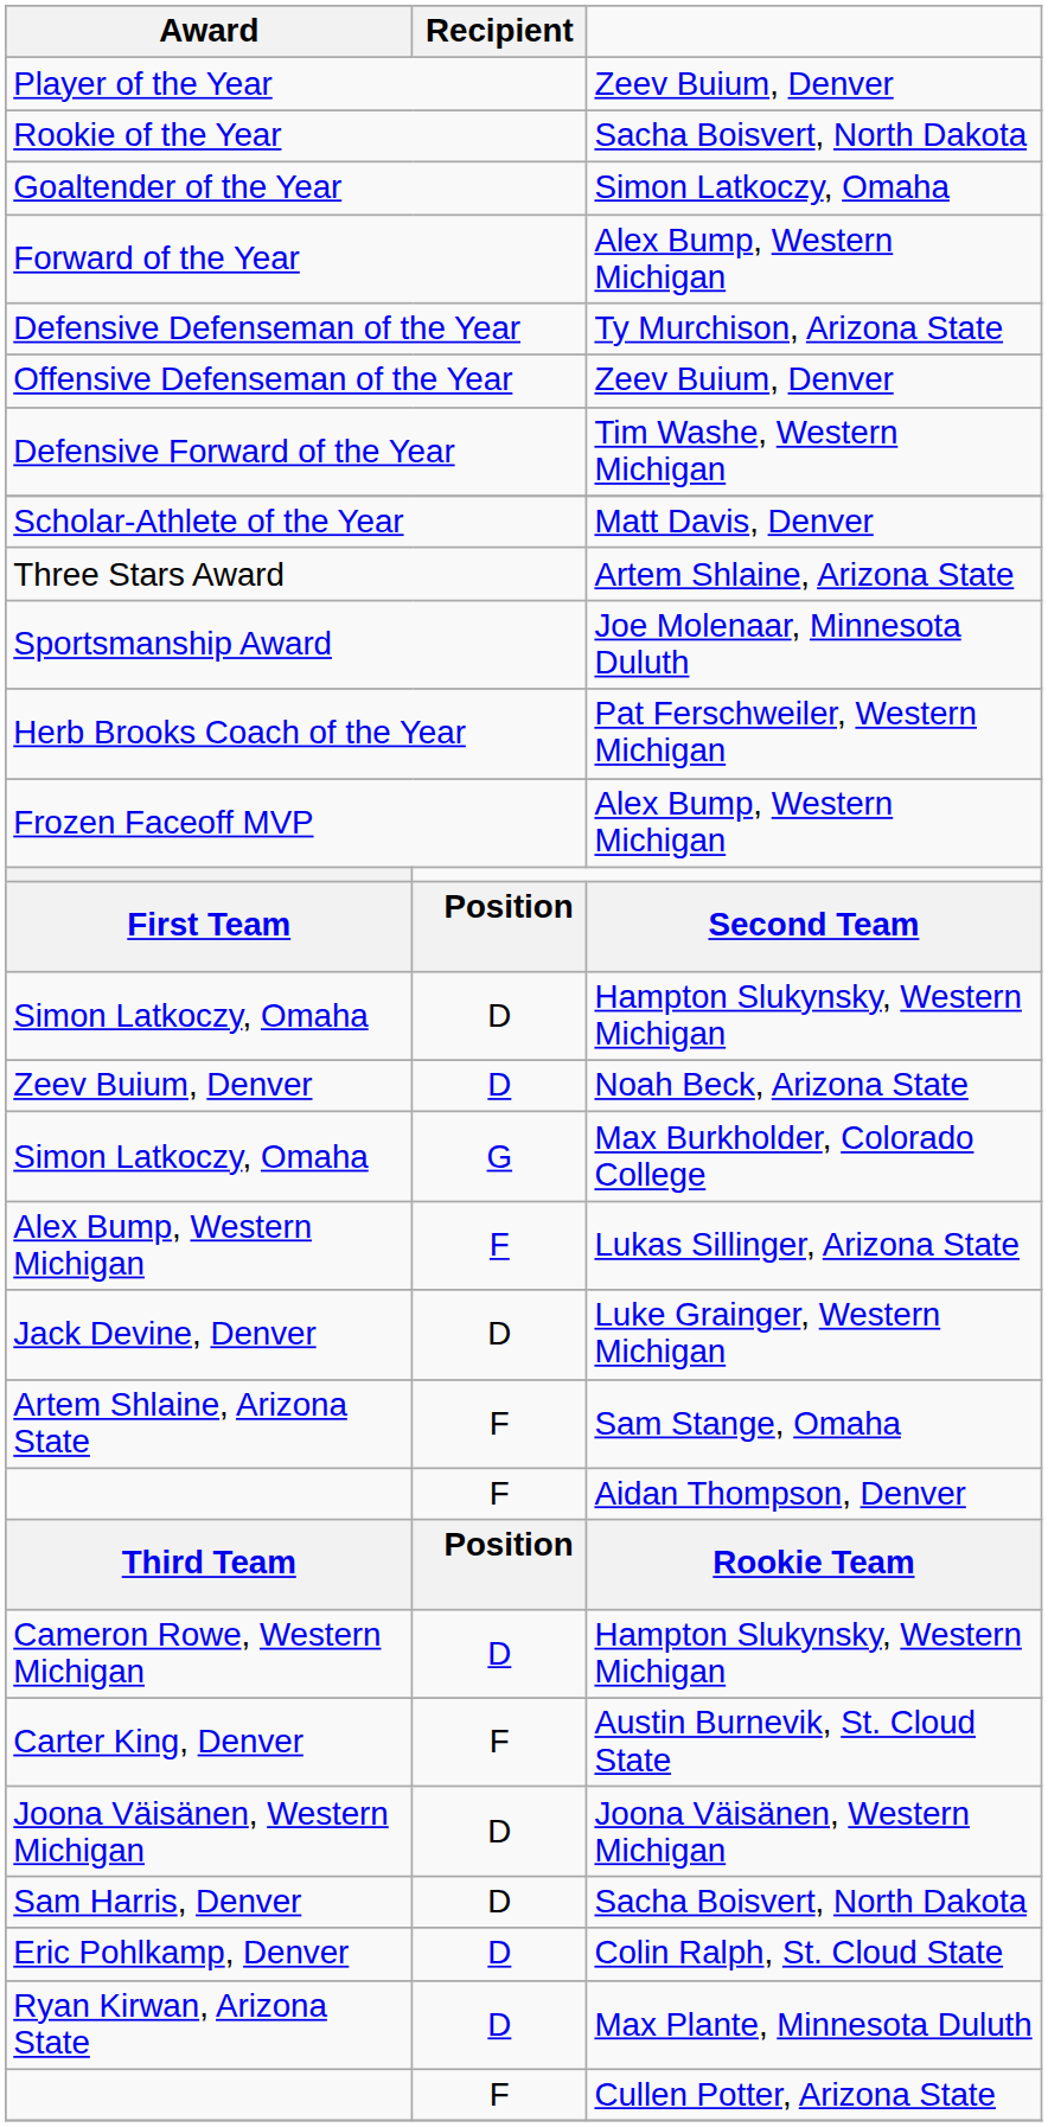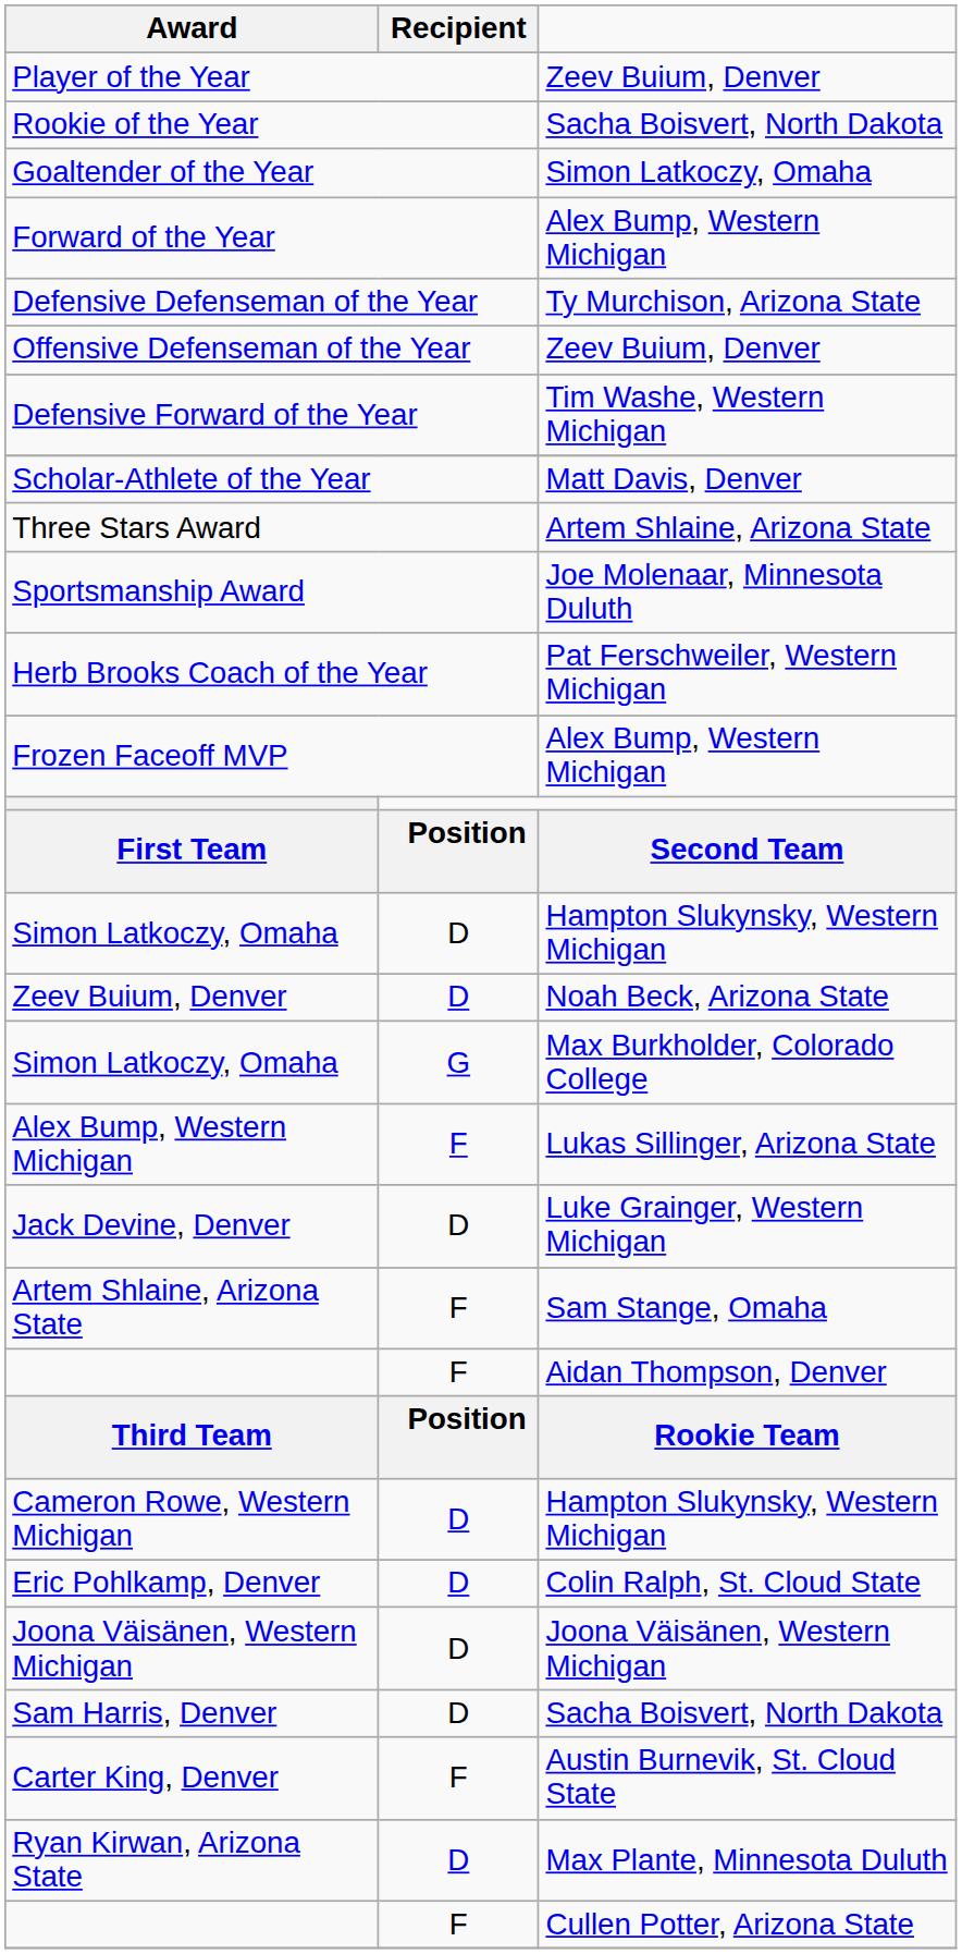 <table class="wikitable" width=40%>
 <tr>
 <th>Award</th>
 <th>Recipient</th>
 </tr>
 <tr>
 <td colspan=2><a href='#'>Player of the Year</a></td>
 <td><a href='#'>Zeev Buium</a>, <a href='#'>Denver</a></td>
 </tr>
 <tr>
 <td colspan=2><a href='#'>Rookie of the Year</a></td>
 <td><a href='#'>Sacha Boisvert</a>, <a href='#'>North Dakota</a></td>
 </tr>
 <tr>
 <td colspan=2><a href='#'>Goaltender of the Year</a></td>
 <td><a href='#'>Simon Latkoczy</a>, <a href='#'>Omaha</a></td>
 </tr>
 <tr>
 <td colspan=2><a href='#'>Forward of the Year</a></td>
 <td><a href='#'>Alex Bump</a>, <a href='#'>Western Michigan</a></td>
 </tr>
 <tr>
 <td colspan=2><a href='#'>Defensive Defenseman of the Year</a></td>
 <td><a href='#'>Ty Murchison</a>, <a href='#'>Arizona State</a></td>
 </tr>
 <tr>
 <td colspan=2><a href='#'>Offensive Defenseman of the Year</a></td>
 <td><a href='#'>Zeev Buium</a>, <a href='#'>Denver</a></td>
 </tr>
 <tr>
 <td colspan=2><a href='#'>Defensive Forward of the Year</a></td>
 <td><a href='#'>Tim Washe</a>, <a href='#'>Western Michigan</a></td>
 </tr>
 <tr>
 </tr>
 <tr>
 <td colspan=2><a href='#'>Scholar-Athlete of the Year</a></td>
 <td><a href='#'>Matt Davis</a>, <a href='#'>Denver</a></td>
 </tr>
 <tr>
 <td colspan=2>Three Stars Award</td>
 <td><a href='#'>Artem Shlaine</a>, <a href='#'>Arizona State</a></td>
 </tr>
 <tr>
 <td colspan=2><a href='#'>Sportsmanship Award</a></td>
 <td><a href='#'>Joe Molenaar</a>, <a href='#'>Minnesota Duluth</a></td>
 </tr>
 <tr>
 <td colspan=2><a href='#'>Herb Brooks Coach of the Year</a></td>
 <td><a href='#'>Pat Ferschweiler</a>, <a href='#'>Western Michigan</a></td>
 </tr>
 <tr>
 <td colspan=2><a href='#'>Frozen Faceoff MVP</a></td>
 <td><a href='#'>Alex Bump</a>, <a href='#'>Western Michigan</a></td>
 </tr>
 <tr>
 <th><a href='#'></a></th>
 </tr>
 <tr>
 <th><a href='#'>First Team</a></th>
 <th>  Position  </th>
 <th><a href='#'>Second Team</a></th>
 </tr>
 <tr>
 <td><a href='#'>Simon Latkoczy</a>, <a href='#'>Omaha</a></td>
 <td align=center>D</td>
 <td><a href='#'>Hampton Slukynsky</a>, <a href='#'>Western Michigan</a></td>
 </tr>
 <tr>
 <td><a href='#'>Zeev Buium</a>, <a href='#'>Denver</a></td>
 <td align=center><a href='#'>D</a></td>
 <td><a href='#'>Noah Beck</a>, <a href='#'>Arizona State</a></td>
 </tr>
 <tr>
 <td><a href='#'>Simon Latkoczy</a>, <a href='#'>Omaha</a></td>
 <td align=center><a href='#'>G</a></td>
 <td><a href='#'>Max Burkholder</a>, <a href='#'>Colorado College</a></td>
 </tr>
 <tr>
 <td><a href='#'>Alex Bump</a>, <a href='#'>Western Michigan</a></td>
 <td align=center><a href='#'>F</a></td>
 <td><a href='#'>Lukas Sillinger</a>, <a href='#'>Arizona State</a></td>
 </tr>
 <tr>
 <td><a href='#'>Jack Devine</a>, <a href='#'>Denver</a></td>
 <td align=center>D</td>
 <td><a href='#'>Luke Grainger</a>, <a href='#'>Western Michigan</a></td>
 </tr>
 <tr>
 <td><a href='#'>Artem Shlaine</a>, <a href='#'>Arizona State</a></td>
 <td align=center>F</td>
 <td><a href='#'>Sam Stange</a>, <a href='#'>Omaha</a></td>
 </tr>
 <tr>
 <td></td>
 <td align=center>F</td>
 <td><a href='#'>Aidan Thompson</a>, <a href='#'>Denver</a></td>
 </tr>
 <tr>
 <th><a href='#'>Third Team</a></th>
 <th>  Position  </th>
 <th><a href='#'>Rookie Team</a></th>
 </tr>
 <tr>
 <td><a href='#'>Cameron Rowe</a>, <a href='#'>Western Michigan</a></td>
 <td align=center><a href='#'>D</a></td>
 <td><a href='#'>Hampton Slukynsky</a>, <a href='#'>Western Michigan</a></td>
 </tr>
 <tr>
-<td><a href='#'>Carter King</a>, <a href='#'>Denver</a></td>
-<td align=center>F</td>
-<td><a href='#'>Austin Burnevik</a>, <a href='#'>St. Cloud State</a></td>
+<td><a href='#'>Eric Pohlkamp</a>, <a href='#'>Denver</a></td>
+<td align=center><a href='#'>D</a></td>
+<td><a href='#'>Colin Ralph</a>, <a href='#'>St. Cloud State</a></td>
 </tr>
 <tr>
 <td><a href='#'>Joona Väisänen</a>, <a href='#'>Western Michigan</a></td>
 <td align=center>D</td>
 <td><a href='#'>Joona Väisänen</a>, <a href='#'>Western Michigan</a></td>
 </tr>
 <tr>
 <td><a href='#'>Sam Harris</a>, <a href='#'>Denver</a></td>
 <td align=center>D</td>
 <td><a href='#'>Sacha Boisvert</a>, <a href='#'>North Dakota</a></td>
 </tr>
 <tr>
-<td><a href='#'>Eric Pohlkamp</a>, <a href='#'>Denver</a></td>
-<td align=center><a href='#'>D</a></td>
-<td><a href='#'>Colin Ralph</a>, <a href='#'>St. Cloud State</a></td>
+<td><a href='#'>Carter King</a>, <a href='#'>Denver</a></td>
+<td align=center>F</td>
+<td><a href='#'>Austin Burnevik</a>, <a href='#'>St. Cloud State</a></td>
 </tr>
 <tr>
 <td><a href='#'>Ryan Kirwan</a>, <a href='#'>Arizona State</a></td>
 <td align=center><a href='#'>D</a></td>
 <td><a href='#'>Max Plante</a>, <a href='#'>Minnesota Duluth</a></td>
 </tr>
 <tr>
 <td></td>
 <td align=center>F</td>
 <td><a href='#'>Cullen Potter</a>, <a href='#'>Arizona State</a></td>
 </tr>
 <tr>
 </tr>
 </table>
